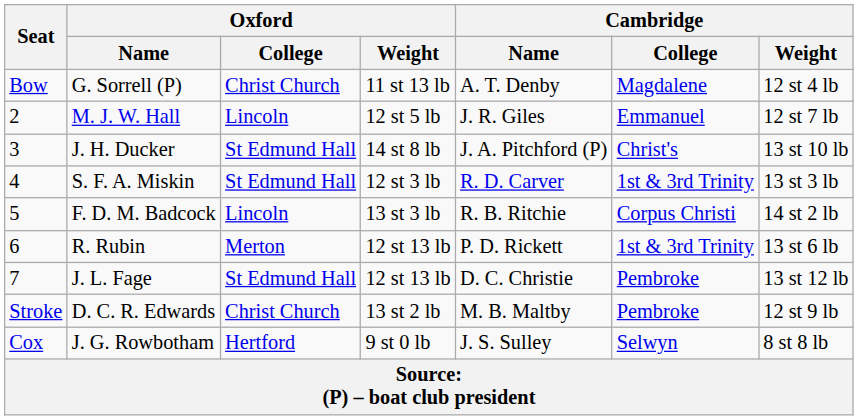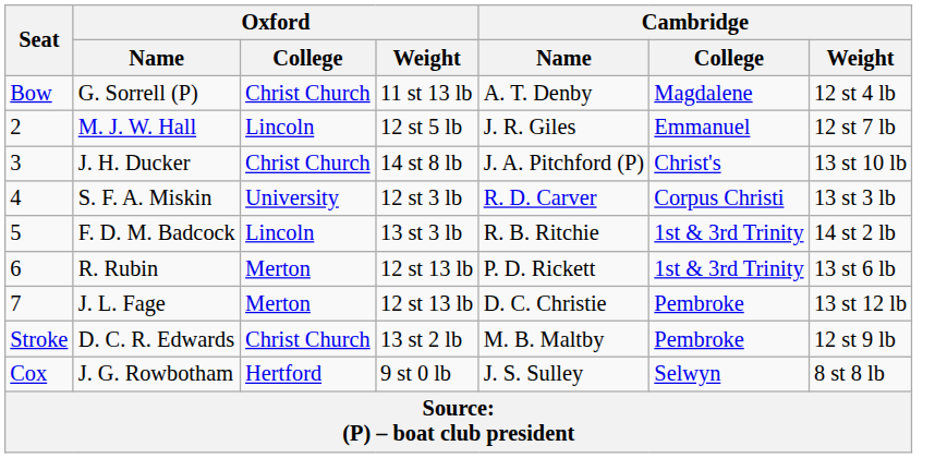 <table class="wikitable">
 <tr>
 <th rowspan="2" scope="col">Seat</th>
 <th colspan="3" scope="col">Oxford <br> </th>
 <th colspan="3" scope="col">Cambridge <br> </th>
 </tr>
 <tr>
 <th>Name</th>
 <th>College</th>
 <th>Weight</th>
 <th>Name</th>
 <th>College</th>
 <th>Weight</th>
 </tr>
 <tr>
 <td><a href='#'>Bow</a></td>
 <td>G. Sorrell (P)</td>
 <td><a href='#'>Christ Church</a></td>
 <td>11 st 13 lb</td>
 <td>A. T. Denby</td>
 <td><a href='#'>Magdalene</a></td>
 <td>12 st 4 lb</td>
 </tr>
 <tr>
 <td>2</td>
 <td><a href='#'>M. J. W. Hall</a></td>
 <td><a href='#'>Lincoln</a></td>
 <td>12 st 5 lb</td>
 <td>J. R. Giles</td>
 <td><a href='#'>Emmanuel</a></td>
 <td>12 st 7 lb</td>
 </tr>
 <tr>
 <td>3</td>
 <td>J. H. Ducker</td>
-<td><a href='#'>St Edmund Hall</a></td>
+<td><a href='#'>Christ Church</a></td>
 <td>14 st 8 lb</td>
 <td>J. A. Pitchford (P)</td>
 <td><a href='#'>Christ's</a></td>
 <td>13 st 10 lb</td>
 </tr>
 <tr>
 <td>4</td>
 <td>S. F. A. Miskin</td>
-<td><a href='#'>St Edmund Hall</a></td>
+<td><a href='#'>University</a></td>
 <td>12 st 3 lb</td>
 <td><a href='#'>R. D. Carver</a></td>
-<td><a href='#'>1st & 3rd Trinity</a></td>
+<td><a href='#'>Corpus Christi</a></td>
 <td>13 st 3 lb</td>
 </tr>
 <tr>
 <td>5</td>
 <td>F. D. M. Badcock</td>
 <td><a href='#'>Lincoln</a></td>
 <td>13 st 3 lb</td>
 <td>R. B. Ritchie</td>
-<td><a href='#'>Corpus Christi</a></td>
+<td><a href='#'>1st & 3rd Trinity</a></td>
 <td>14 st 2 lb</td>
 </tr>
 <tr>
 <td>6</td>
 <td>R. Rubin</td>
 <td><a href='#'>Merton</a></td>
 <td>12 st 13 lb</td>
 <td>P. D. Rickett</td>
 <td><a href='#'>1st & 3rd Trinity</a></td>
 <td>13 st 6 lb</td>
 </tr>
 <tr>
 <td>7</td>
 <td>J. L. Fage</td>
-<td><a href='#'>St Edmund Hall</a></td>
+<td><a href='#'>Merton</a></td>
 <td>12 st 13 lb</td>
 <td>D. C. Christie</td>
 <td><a href='#'>Pembroke</a></td>
 <td>13 st 12 lb</td>
 </tr>
 <tr>
 <td><a href='#'>Stroke</a></td>
 <td>D. C. R. Edwards</td>
 <td><a href='#'>Christ Church</a></td>
 <td>13 st 2 lb</td>
 <td>M. B. Maltby</td>
 <td><a href='#'>Pembroke</a></td>
 <td>12 st 9 lb</td>
 </tr>
 <tr>
 <td><a href='#'>Cox</a></td>
 <td>J. G. Rowbotham</td>
 <td><a href='#'>Hertford</a></td>
 <td>9 st 0 lb</td>
 <td>J. S. Sulley</td>
 <td><a href='#'>Selwyn</a></td>
 <td>8 st 8 lb</td>
 </tr>
 <tr>
 <th colspan="7">Source:<br>(P) – boat club president</th>
 </tr>
 </table>
